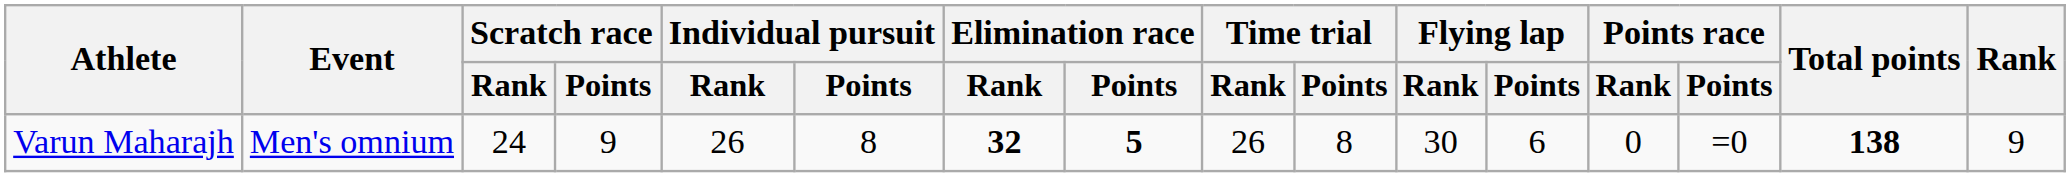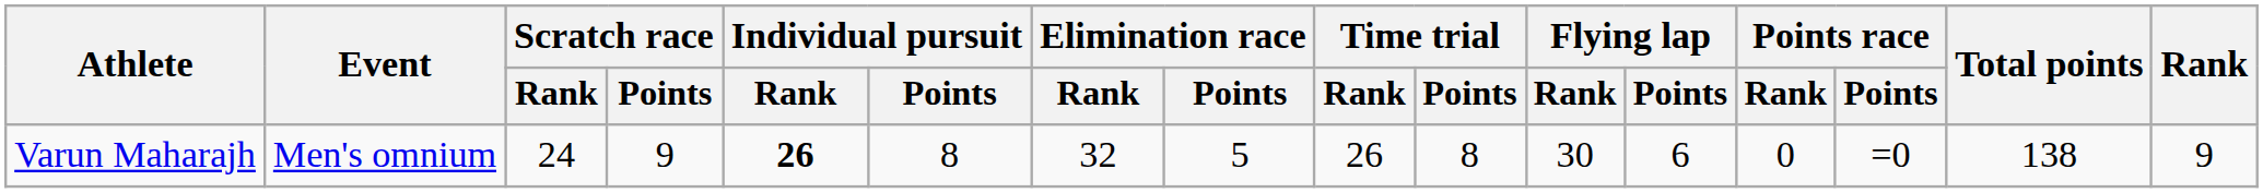 <table class="wikitable" style="font-size:90%">
 <tr>
 <th rowspan=2>Athlete</th>
 <th rowspan=2>Event</th>
 <th colspan=2>Scratch race</th>
 <th colspan=2>Individual pursuit</th>
 <th colspan=2>Elimination race</th>
 <th colspan=2>Time trial</th>
 <th colspan=2>Flying lap</th>
 <th colspan=2>Points race</th>
 <th rowspan=2>Total points</th>
 <th rowspan=2>Rank</th>
 </tr>
 <tr style="font-size:95%">
 <th>Rank</th>
 <th>Points</th>
 <th>Rank</th>
 <th>Points</th>
 <th>Rank</th>
 <th>Points</th>
 <th>Rank</th>
 <th>Points</th>
 <th>Rank</th>
 <th>Points</th>
 <th>Rank</th>
 <th>Points</th>
 </tr>
 <tr align=center>
 <td align=left><a href='#'>Varun Maharajh</a></td>
 <td align=left><a href='#'>Men's omnium</a></td>
 <td>24</td>
 <td>9</td>
-<td>26</td>
+<td><strong>26</strong></td>
 <td>8</td>
-<td><strong>32</strong></td>
-<td><strong>5</strong></td>
+<td>32</td>
+<td>5</td>
 <td>26</td>
 <td>8</td>
 <td>30</td>
 <td>6</td>
 <td>0</td>
 <td>=0</td>
-<td><strong>138</strong></td>
+<td>138</td>
 <td>9</td>
 </tr>
 </table>
